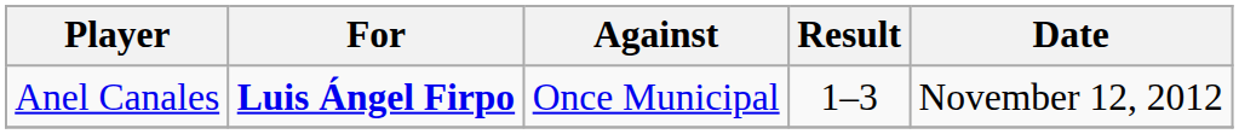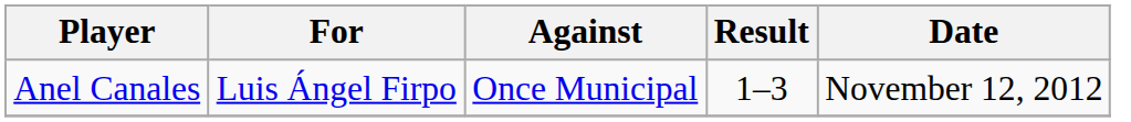 <table class="wikitable sortable">
 <tr>
 <th>Player</th>
 <th>For</th>
 <th>Against</th>
 <th style="text-align:center;">Result</th>
 <th>Date</th>
 </tr>
 <tr>
 <td> <a href='#'>Anel Canales</a></td>
-<td><strong><a href='#'>Luis Ángel Firpo</a></strong></td>
+<td><a href='#'>Luis Ángel Firpo</a></td>
 <td><a href='#'>Once Municipal</a></td>
 <td align=center>1–3</td>
 <td>November 12, 2012</td>
 </tr>
 <tr>
 </tr>
 </table>
